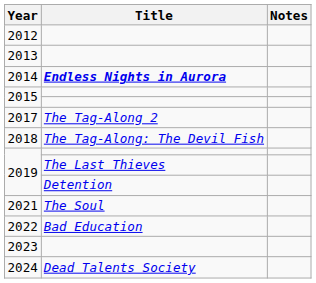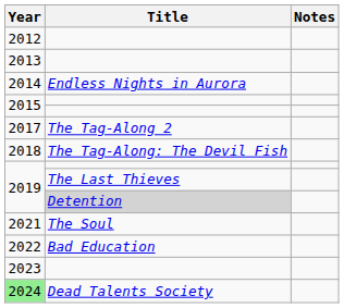 <table class="wikitable">
 <tr>
 <th>Year</th>
 <th>Title</th>
 <th>Notes</th>
 </tr>
 <tr>
 <td>2012</td>
 <td><em></em></td>
 <td></td>
 </tr>
 <tr>
 <td>2013</td>
 <td><em></em></td>
 <td></td>
 </tr>
 <tr>
 <td>2014</td>
-<td><strong><em><a href='#'>Endless Nights in Aurora</a></em></strong></td>
+<td><em><a href='#'>Endless Nights in Aurora</a></em></td>
 <td></td>
 </tr>
 <tr>
 <td rowspan="2">2015</td>
 <td><em></em></td>
 <td></td>
 </tr>
 <tr>
 <td><em></em></td>
 <td></td>
 </tr>
 <tr>
 <td>2017</td>
 <td><em><a href='#'>The Tag-Along 2</a></em></td>
 <td></td>
 </tr>
 <tr>
 <td>2018</td>
 <td><em><a href='#'>The Tag-Along: The Devil Fish</a></em></td>
 <td></td>
 </tr>
 <tr>
 <td rowspan="3">2019</td>
 <td><em></em></td>
 <td></td>
 </tr>
 <tr>
 <td><em><a href='#'>The Last Thieves</a></em></td>
 <td></td>
 </tr>
 <tr>
-<td><em><a href='#'>Detention</a></em></td>
+<td style="background: lightgrey;"><em><a href='#'>Detention</a></em></td>
 <td></td>
 </tr>
 <tr>
 <td>2021</td>
 <td><em><a href='#'>The Soul</a></em></td>
 <td></td>
 </tr>
 <tr>
 <td>2022</td>
 <td><em><a href='#'>Bad Education</a></em></td>
 <td></td>
 </tr>
 <tr>
 <td>2023</td>
 <td><em></em></td>
 <td></td>
 </tr>
 <tr>
-<td>2024</td>
+<td style="background: lightgreen;">2024</td>
 <td><em><a href='#'>Dead Talents Society</a></em></td>
 <td></td>
 </tr>
 </table>
